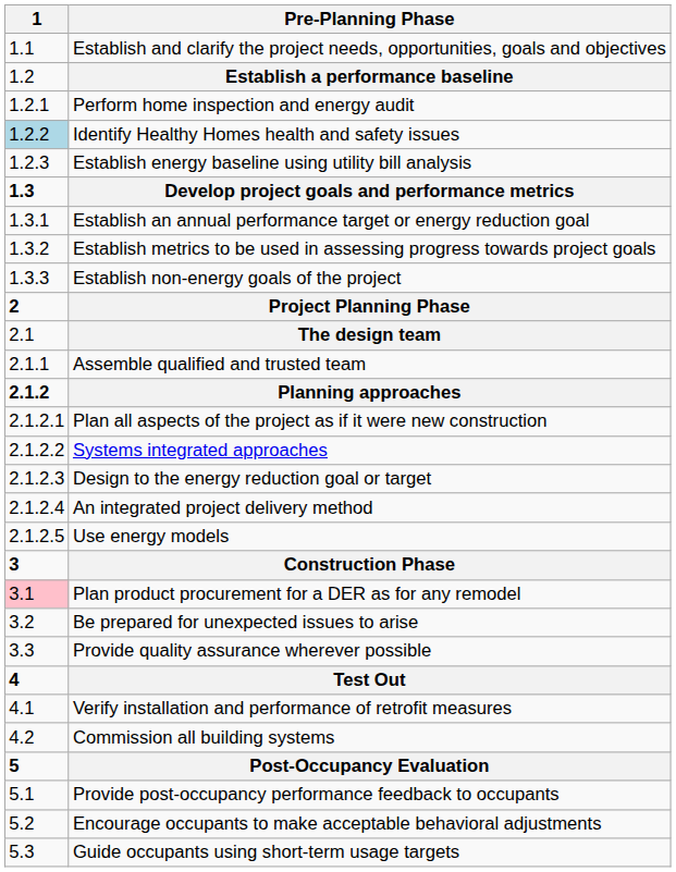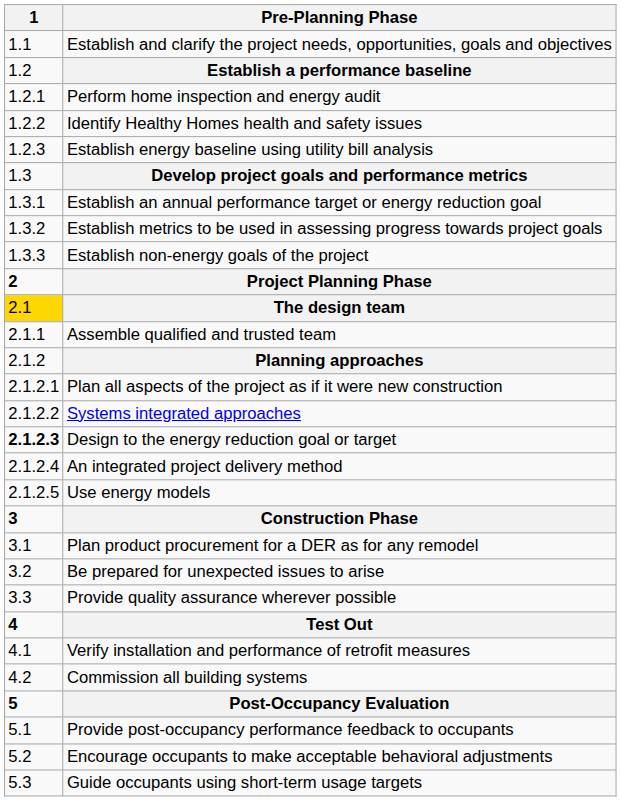 <table class="wikitable">
 <tr>
 <th><strong>1</strong><br></th>
 <th>Pre-Planning Phase</th>
 </tr>
 <tr>
 <td>1.1</td>
 <td>Establish and clarify the project needs, opportunities, goals and objectives</td>
 </tr>
 <tr>
 <td>1.2</td>
 <th>Establish a performance baseline</th>
 </tr>
 <tr>
 <td>1.2.1</td>
 <td>Perform home inspection and energy audit</td>
 </tr>
 <tr>
-<td style="background: lightblue;">1.2.2</td>
+<td>1.2.2</td>
 <td>Identify Healthy Homes health and safety issues</td>
 </tr>
 <tr>
 <td>1.2.3</td>
 <td>Establish energy baseline using utility bill analysis</td>
 </tr>
 <tr>
-<td><strong>1.3</strong></td>
+<td>1.3</td>
 <th>Develop project goals and performance metrics</th>
 </tr>
 <tr>
 <td>1.3.1</td>
 <td>Establish an annual performance target or energy reduction goal</td>
 </tr>
 <tr>
 <td>1.3.2</td>
 <td>Establish metrics to be used in assessing progress towards project goals</td>
 </tr>
 <tr>
 <td>1.3.3</td>
 <td>Establish non-energy goals of the project</td>
 </tr>
 <tr>
 <td><strong>2</strong><br></td>
 <th><strong>Project Planning Phase</strong></th>
 </tr>
 <tr>
-<td>2.1</td>
+<td style="background: gold;">2.1</td>
 <th>The design team</th>
 </tr>
 <tr>
 <td>2.1.1</td>
 <td>Assemble qualified and trusted team</td>
 </tr>
 <tr>
-<td><strong>2.1.2</strong></td>
+<td>2.1.2</td>
 <th>Planning approaches</th>
 </tr>
 <tr>
 <td>2.1.2.1</td>
 <td>Plan all aspects of the project as if it were new construction</td>
 </tr>
 <tr>
 <td>2.1.2.2</td>
 <td><a href='#'>Systems integrated approaches</a></td>
 </tr>
 <tr>
-<td>2.1.2.3</td>
+<td><strong>2.1.2.3</strong></td>
 <td>Design to the energy reduction goal or target</td>
 </tr>
 <tr>
 <td>2.1.2.4</td>
 <td>An integrated project delivery method</td>
 </tr>
 <tr>
 <td>2.1.2.5</td>
 <td>Use energy models</td>
 </tr>
 <tr>
 <td><strong>3</strong><br></td>
 <th>Construction Phase</th>
 </tr>
 <tr>
-<td style="background: pink;">3.1</td>
+<td>3.1</td>
 <td>Plan product procurement for a DER as for any remodel</td>
 </tr>
 <tr>
 <td>3.2</td>
 <td>Be prepared for unexpected issues to arise</td>
 </tr>
 <tr>
 <td>3.3</td>
 <td>Provide quality assurance wherever possible</td>
 </tr>
 <tr>
 <td><strong>4</strong></td>
 <th>Test Out</th>
 </tr>
 <tr>
 <td>4.1</td>
 <td>Verify installation and performance of retrofit measures</td>
 </tr>
 <tr>
 <td>4.2</td>
 <td>Commission all building systems</td>
 </tr>
 <tr>
 <td><strong>5</strong></td>
 <th>Post-Occupancy Evaluation</th>
 </tr>
 <tr>
 <td>5.1</td>
 <td>Provide post-occupancy performance feedback to occupants</td>
 </tr>
 <tr>
 <td>5.2</td>
 <td>Encourage occupants to make acceptable behavioral adjustments</td>
 </tr>
 <tr>
 <td>5.3</td>
 <td>Guide occupants using short-term usage targets</td>
 </tr>
 </table>
